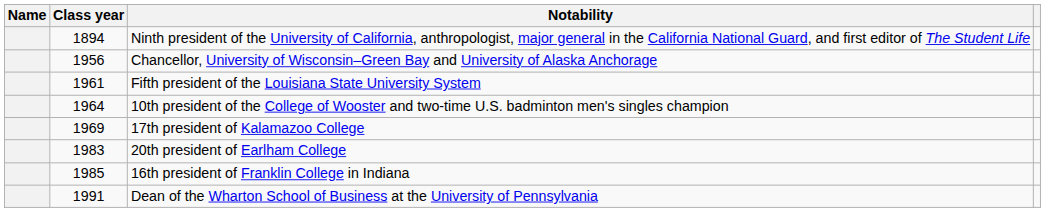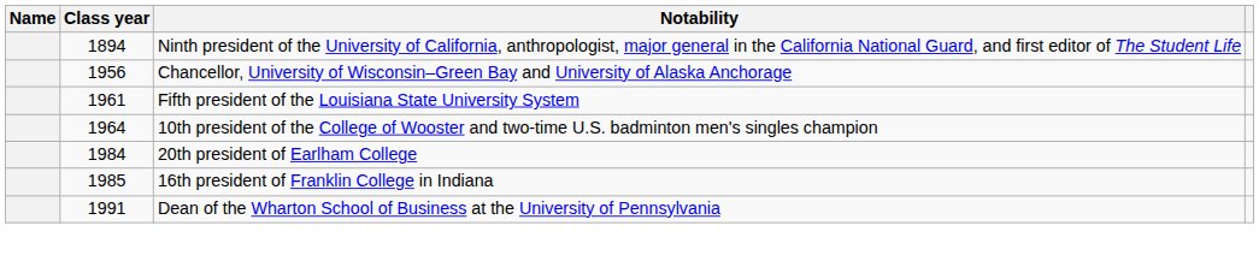 <table class="wikitable sortable plainrowheaders" style="text-align:center; border:2px solid #">
 <tr>
 <th scope="col">Name</th>
 <th scope="col">Class year</th>
 <th scope="col">Notability</th>
 <th scope="col"></th>
 </tr>
 <tr>
 <th scope="row"></th>
 <td>1894</td>
 <td style="text-align:left;">Ninth president of the <a href='#'>University of California</a>, anthropologist, <a href='#'>major general</a> in the <a href='#'>California National Guard</a>, and first editor of <em><a href='#'>The Student Life</a></em></td>
 <td></td>
 </tr>
 <tr>
 <th scope="row"></th>
 <td>1956</td>
 <td style="text-align:left;">Chancellor, <a href='#'>University of Wisconsin–Green Bay</a> and <a href='#'>University of Alaska Anchorage</a></td>
 <td></td>
 </tr>
 <tr>
 <th scope="row"></th>
 <td>1961</td>
 <td style="text-align:left;">Fifth president of the <a href='#'>Louisiana State University System</a></td>
 <td></td>
 </tr>
 <tr>
 <th scope="row"></th>
 <td>1964</td>
 <td style="text-align:left;">10th president of the <a href='#'>College of Wooster</a> and two-time U.S. badminton men's singles champion</td>
 <td></td>
 </tr>
 <tr>
 <th scope="row"></th>
-<td>1969</td>
-<td style="text-align:left;">17th president of <a href='#'>Kalamazoo College</a></td>
-<td></td>
-</tr>
-<tr>
-<th scope="row"></th>
-<td>1983</td>
+<td>1984</td>
 <td style="text-align:left;">20th president of <a href='#'>Earlham College</a></td>
 <td></td>
 </tr>
 <tr>
 <th scope="row"></th>
 <td>1985</td>
 <td style="text-align:left;">16th president of <a href='#'>Franklin College</a> in Indiana</td>
 <td></td>
 </tr>
 <tr>
 <th scope="row"></th>
 <td>1991</td>
 <td style="text-align:left;">Dean of the <a href='#'>Wharton School of Business</a> at the <a href='#'>University of Pennsylvania</a></td>
 <td></td>
 </tr>
 </table>
